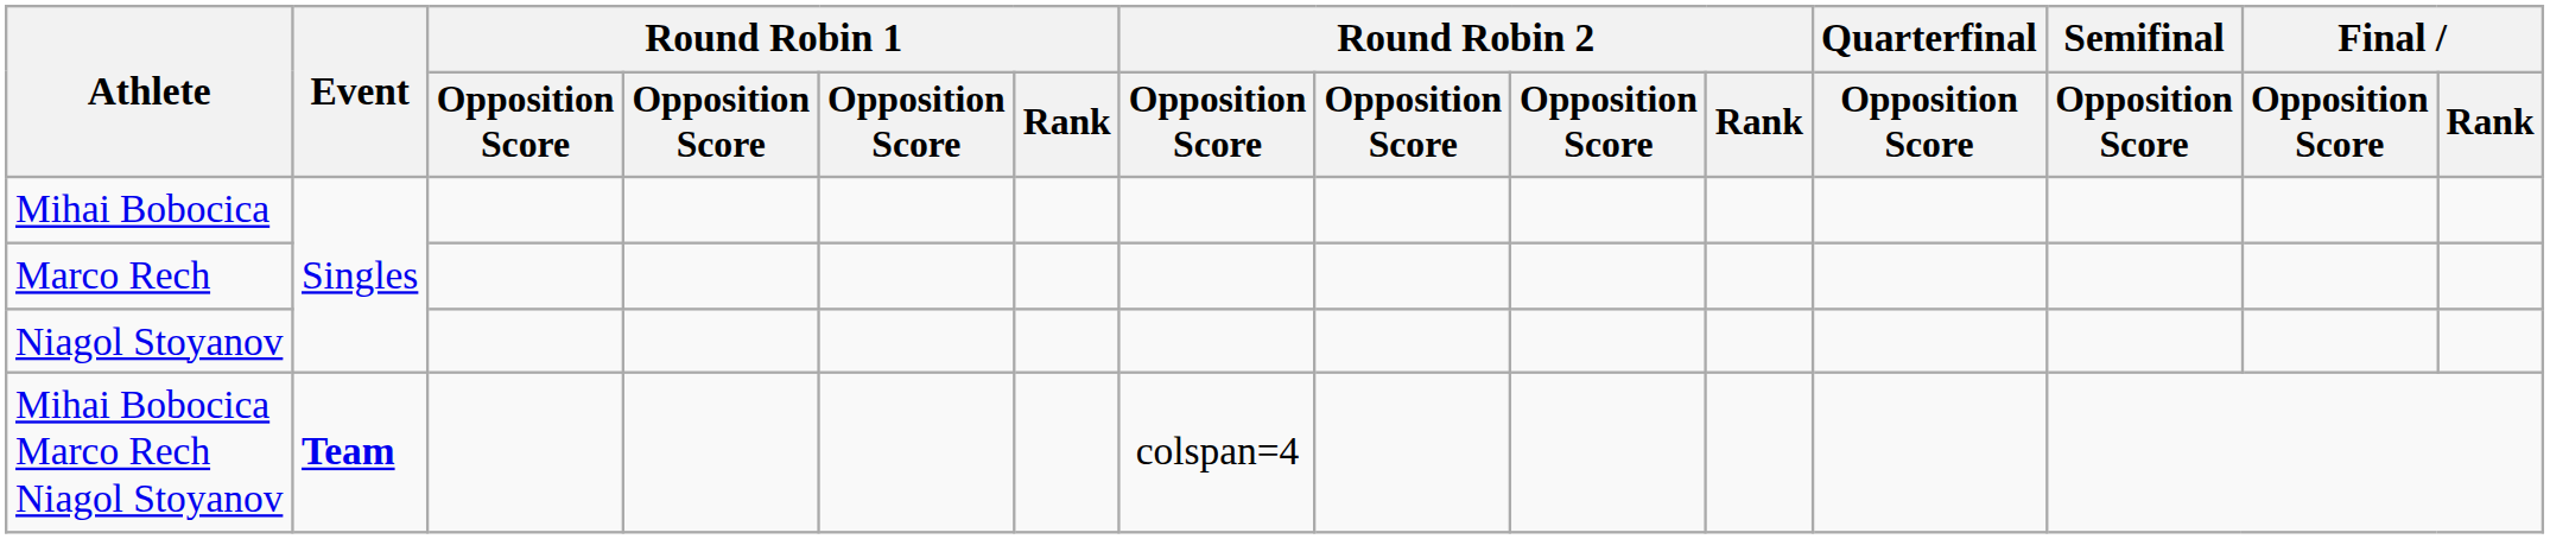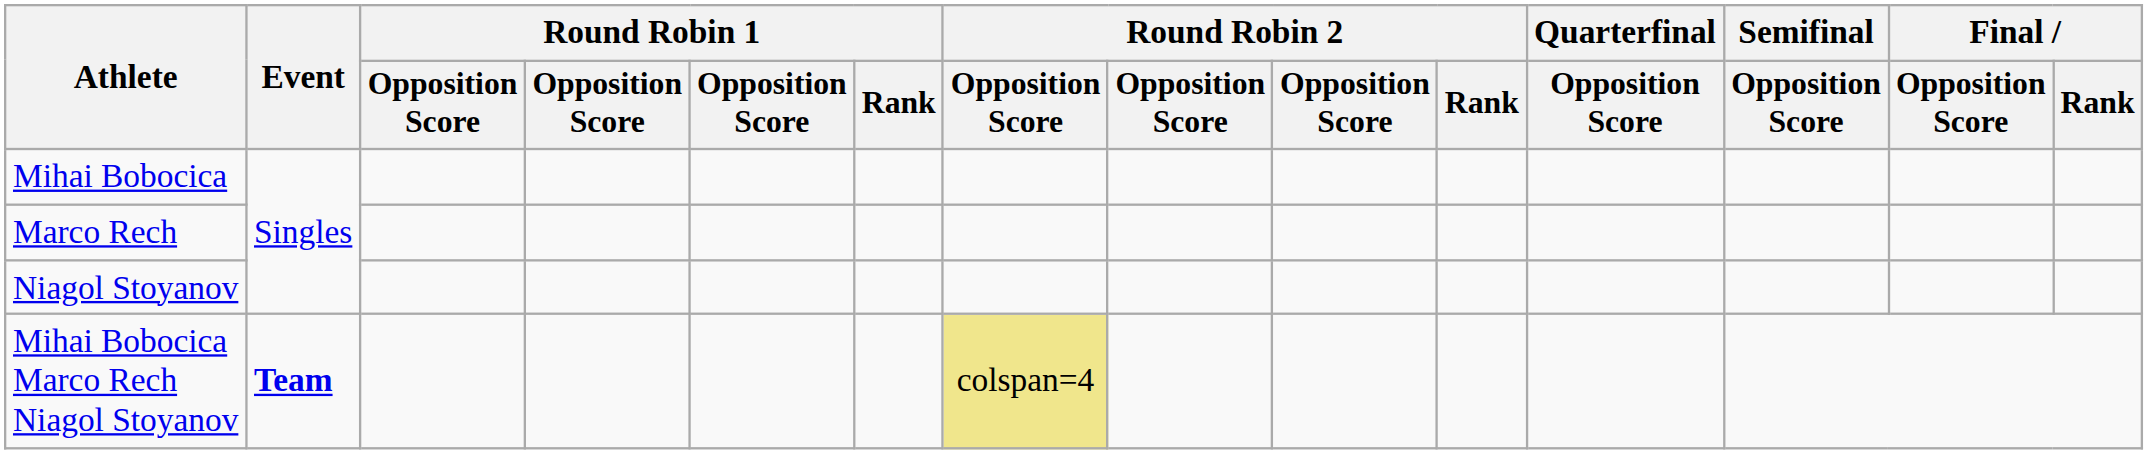 <table class=wikitable style="font-size:90%">
 <tr>
 <th rowspan=2>Athlete</th>
 <th rowspan=2>Event</th>
 <th colspan=4>Round Robin 1</th>
 <th colspan=4>Round Robin 2</th>
 <th>Quarterfinal</th>
 <th>Semifinal</th>
 <th colspan=2>Final / </th>
 </tr>
 <tr style="font-size:95%">
 <th>Opposition<br>Score</th>
 <th>Opposition<br>Score</th>
 <th>Opposition<br>Score</th>
 <th>Rank</th>
 <th>Opposition<br>Score</th>
 <th>Opposition<br>Score</th>
 <th>Opposition<br>Score</th>
 <th>Rank</th>
 <th>Opposition<br>Score</th>
 <th>Opposition<br>Score</th>
 <th>Opposition<br>Score</th>
 <th>Rank</th>
 </tr>
 <tr align=center>
 <td align=left><a href='#'>Mihai Bobocica</a></td>
 <td align=left rowspan=3><a href='#'>Singles</a></td>
 <td></td>
 <td></td>
 <td></td>
 <td></td>
 <td></td>
 <td></td>
 <td></td>
 <td></td>
 <td></td>
 <td></td>
 <td></td>
 <td></td>
 </tr>
 <tr align=center>
 <td align=left><a href='#'>Marco Rech</a></td>
 <td></td>
 <td></td>
 <td></td>
 <td></td>
 <td></td>
 <td></td>
 <td></td>
 <td></td>
 <td></td>
 <td></td>
 <td></td>
 <td></td>
 </tr>
 <tr align=center>
 <td align=left><a href='#'>Niagol Stoyanov</a></td>
 <td></td>
 <td></td>
 <td></td>
 <td></td>
 <td></td>
 <td></td>
 <td></td>
 <td></td>
 <td></td>
 <td></td>
 <td></td>
 <td></td>
 </tr>
 <tr align=center>
 <td align=left><a href='#'>Mihai Bobocica</a><br><a href='#'>Marco Rech</a><br><a href='#'>Niagol Stoyanov</a></td>
 <td align=left><strong><a href='#'>Team</a></strong></td>
 <td></td>
 <td></td>
 <td></td>
 <td></td>
-<td>colspan=4 </td>
+<td style="background: khaki;">colspan=4 </td>
 <td></td>
 <td></td>
 <td></td>
 <td></td>
 </tr>
 </table>
